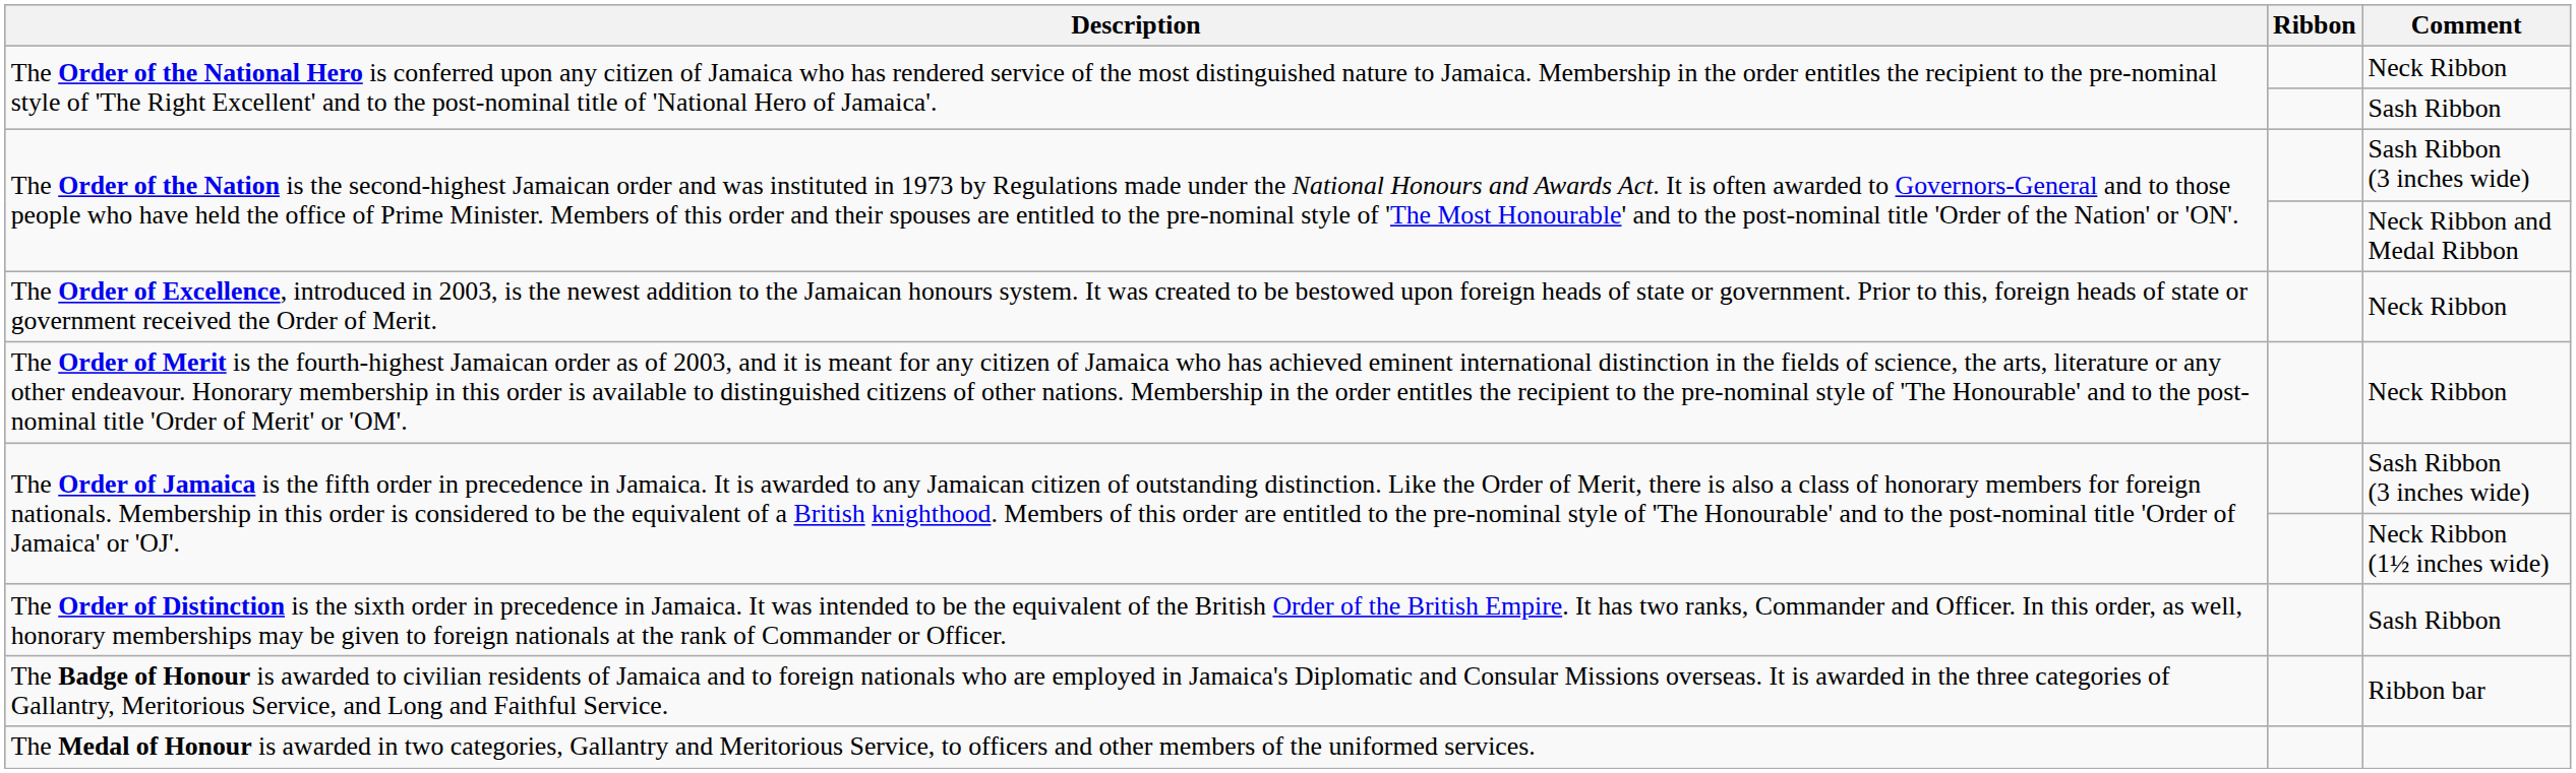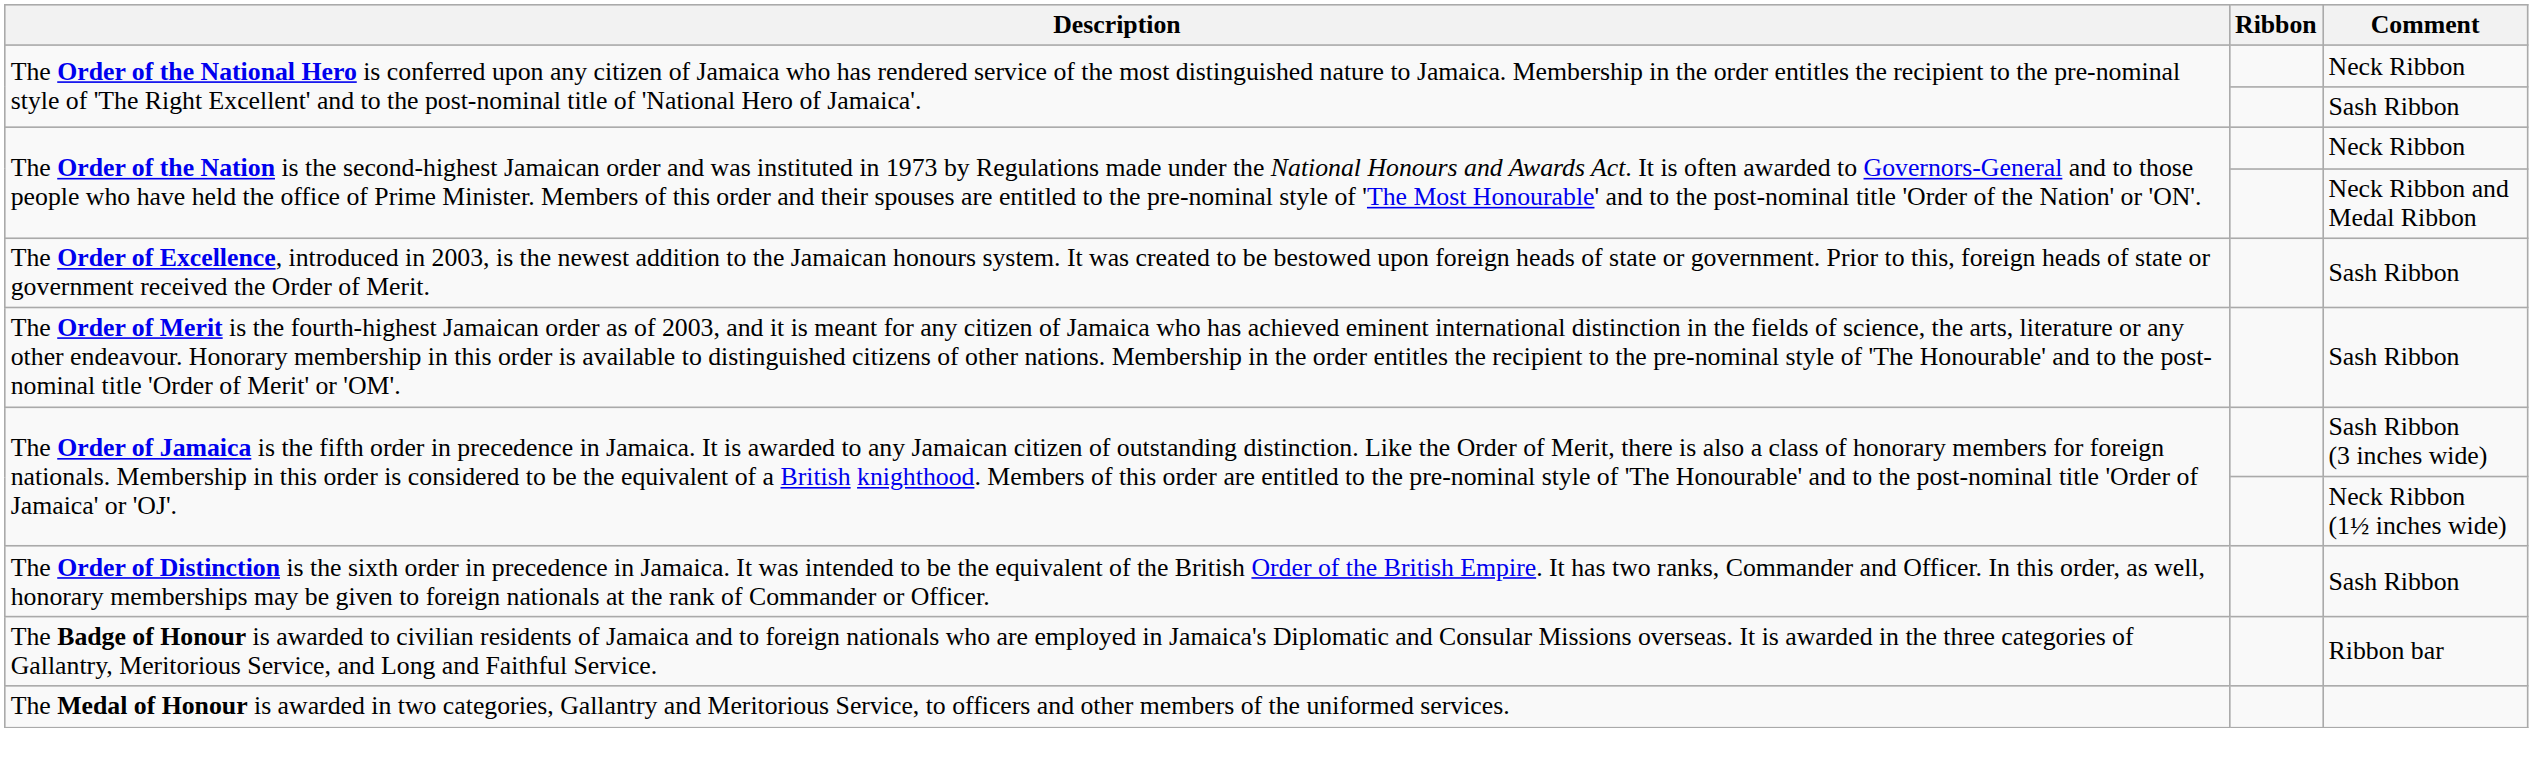 <table class="wikitable">
 <tr>
 <th>Description</th>
 <th>Ribbon</th>
 <th>Comment</th>
 </tr>
 <tr>
 <td rowspan="2">The <strong><a href='#'>Order of the National Hero</a></strong> is conferred upon any citizen of Jamaica who has rendered service of the most distinguished nature to Jamaica. Membership in the order entitles the recipient to the pre-nominal style of 'The Right Excellent' and to the post-nominal title of 'National Hero of Jamaica'.</td>
 <td></td>
 <td width="120">Neck Ribbon</td>
 </tr>
 <tr>
 <td></td>
 <td>Sash Ribbon</td>
 </tr>
 <tr>
 <td rowspan="2">The <strong><a href='#'>Order of the Nation</a></strong> is the second-highest Jamaican order and was instituted in 1973 by Regulations made under the <em>National Honours and Awards Act</em>. It is often awarded to <a href='#'>Governors-General</a> and to those people who have held the office of Prime Minister. Members of this order and their spouses are entitled to the pre-nominal style of '<a href='#'>The Most Honourable</a>' and to the post-nominal title 'Order of the Nation' or 'ON'.</td>
 <td></td>
-<td>Sash Ribbon<br>(3 inches wide)</td>
+<td>Neck Ribbon</td>
 </tr>
 <tr>
 <td></td>
 <td>Neck Ribbon and Medal Ribbon</td>
 </tr>
 <tr>
 <td>The <strong><a href='#'>Order of Excellence</a></strong>, introduced in 2003, is the newest addition to the Jamaican honours system. It was created to be bestowed upon foreign heads of state or government. Prior to this, foreign heads of state or government received the Order of Merit.</td>
 <td></td>
-<td width="120">Neck Ribbon</td>
+<td>Sash Ribbon</td>
 </tr>
 <tr>
 <td>The <strong><a href='#'>Order of Merit</a></strong> is the fourth-highest Jamaican order as of 2003, and it is meant for any citizen of Jamaica who has achieved eminent international distinction in the fields of science, the arts, literature or any other endeavour. Honorary membership in this order is available to distinguished citizens of other nations. Membership in the order entitles the recipient to the pre-nominal style of 'The Honourable' and to the post-nominal title 'Order of Merit' or 'OM'.</td>
 <td></td>
-<td>Neck Ribbon</td>
+<td>Sash Ribbon</td>
 </tr>
 <tr>
 <td rowspan="2">The <strong><a href='#'>Order of Jamaica</a></strong> is the fifth order in precedence in Jamaica. It is awarded to any Jamaican citizen of outstanding distinction. Like the Order of Merit, there is also a class of honorary members for foreign nationals. Membership in this order is considered to be the equivalent of a <a href='#'>British</a> <a href='#'>knighthood</a>. Members of this order are entitled to the pre-nominal style of 'The Honourable' and to the post-nominal title 'Order of Jamaica' or 'OJ'.</td>
 <td></td>
 <td>Sash Ribbon<br>(3 inches wide)</td>
 </tr>
 <tr>
 <td></td>
 <td>Neck Ribbon<br>(1½ inches wide)</td>
 </tr>
 <tr>
 <td>The <strong><a href='#'>Order of Distinction</a></strong> is the sixth order in precedence in Jamaica. It was intended to be the equivalent of the British <a href='#'>Order of the British Empire</a>. It has two ranks, Commander and Officer. In this order, as well, honorary memberships may be given to foreign nationals at the rank of Commander or Officer.</td>
 <td></td>
 <td>Sash Ribbon</td>
 </tr>
 <tr>
 <td>The <strong>Badge of Honour</strong> is awarded to civilian residents of Jamaica and to foreign nationals who are employed in Jamaica's Diplomatic and Consular Missions overseas. It is awarded in the three categories of Gallantry, Meritorious Service, and Long and Faithful Service.</td>
 <td></td>
 <td>Ribbon bar</td>
 </tr>
 <tr>
 <td>The <strong>Medal of Honour</strong> is awarded in two categories, Gallantry and Meritorious Service, to officers and other members of the uniformed services.</td>
 <td></td>
 <td></td>
 </tr>
 </table>
